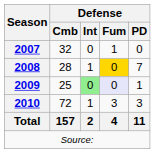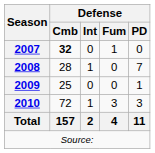 <table class="wikitable" style="text-align: center;">
 <tr>
 <th rowspan="2">Season</th>
 <th colspan="4">Defense</th>
 </tr>
 <tr>
 <th>Cmb</th>
 <th>Int</th>
 <th>Fum</th>
 <th>PD</th>
 </tr>
 <tr>
 <th><a href='#'>2007</a></th>
-<td>32</td>
+<td><strong>32</strong></td>
 <td>0</td>
 <td>1</td>
 <td>0</td>
 </tr>
 <tr>
 <th><a href='#'>2008</a></th>
 <td>28</td>
 <td>1</td>
-<td style="background: gold;">0</td>
+<td>0</td>
 <td>7</td>
 </tr>
 <tr>
 <th><a href='#'>2009</a></th>
 <td>25</td>
-<td style="background: lightgreen;">0</td>
-<td style="background: lavender;">0</td>
+<td>0</td>
+<td>0</td>
 <td>1</td>
 </tr>
 <tr>
 <th><a href='#'>2010</a></th>
 <td>72</td>
 <td>1</td>
 <td>3</td>
 <td>3</td>
 </tr>
 <tr>
 <th>Total</th>
 <th>157</th>
 <th>2</th>
 <th>4</th>
 <th>11</th>
 </tr>
 <tr>
 <td colspan="9"><small><em>Source:</em></small></td>
 </tr>
 </table>
